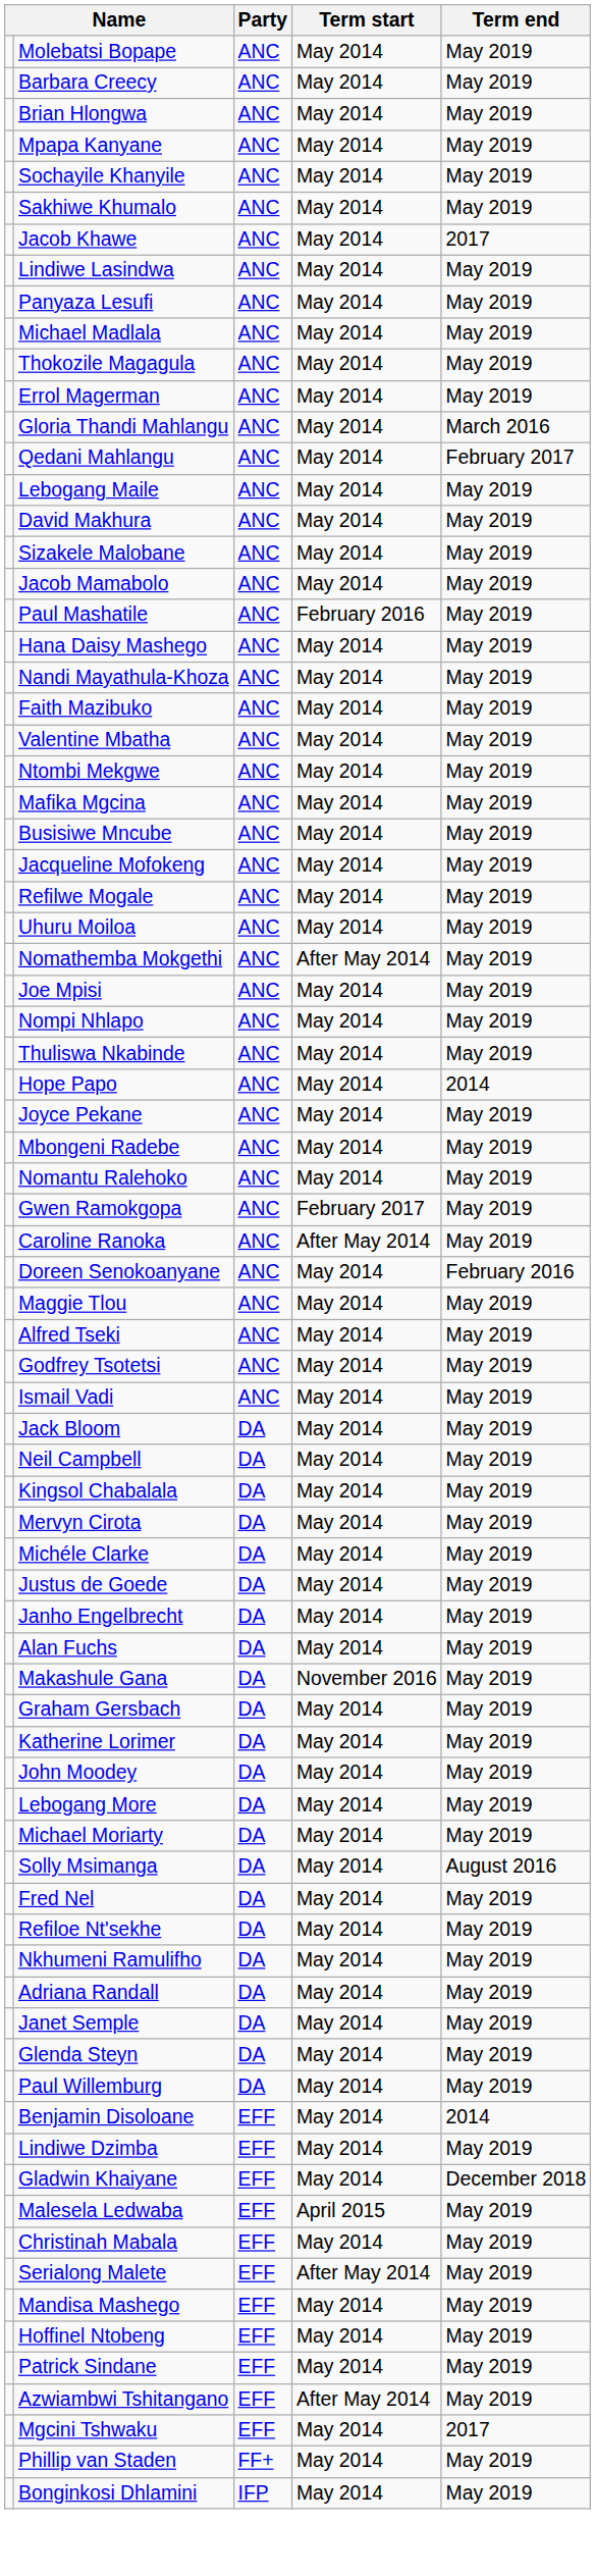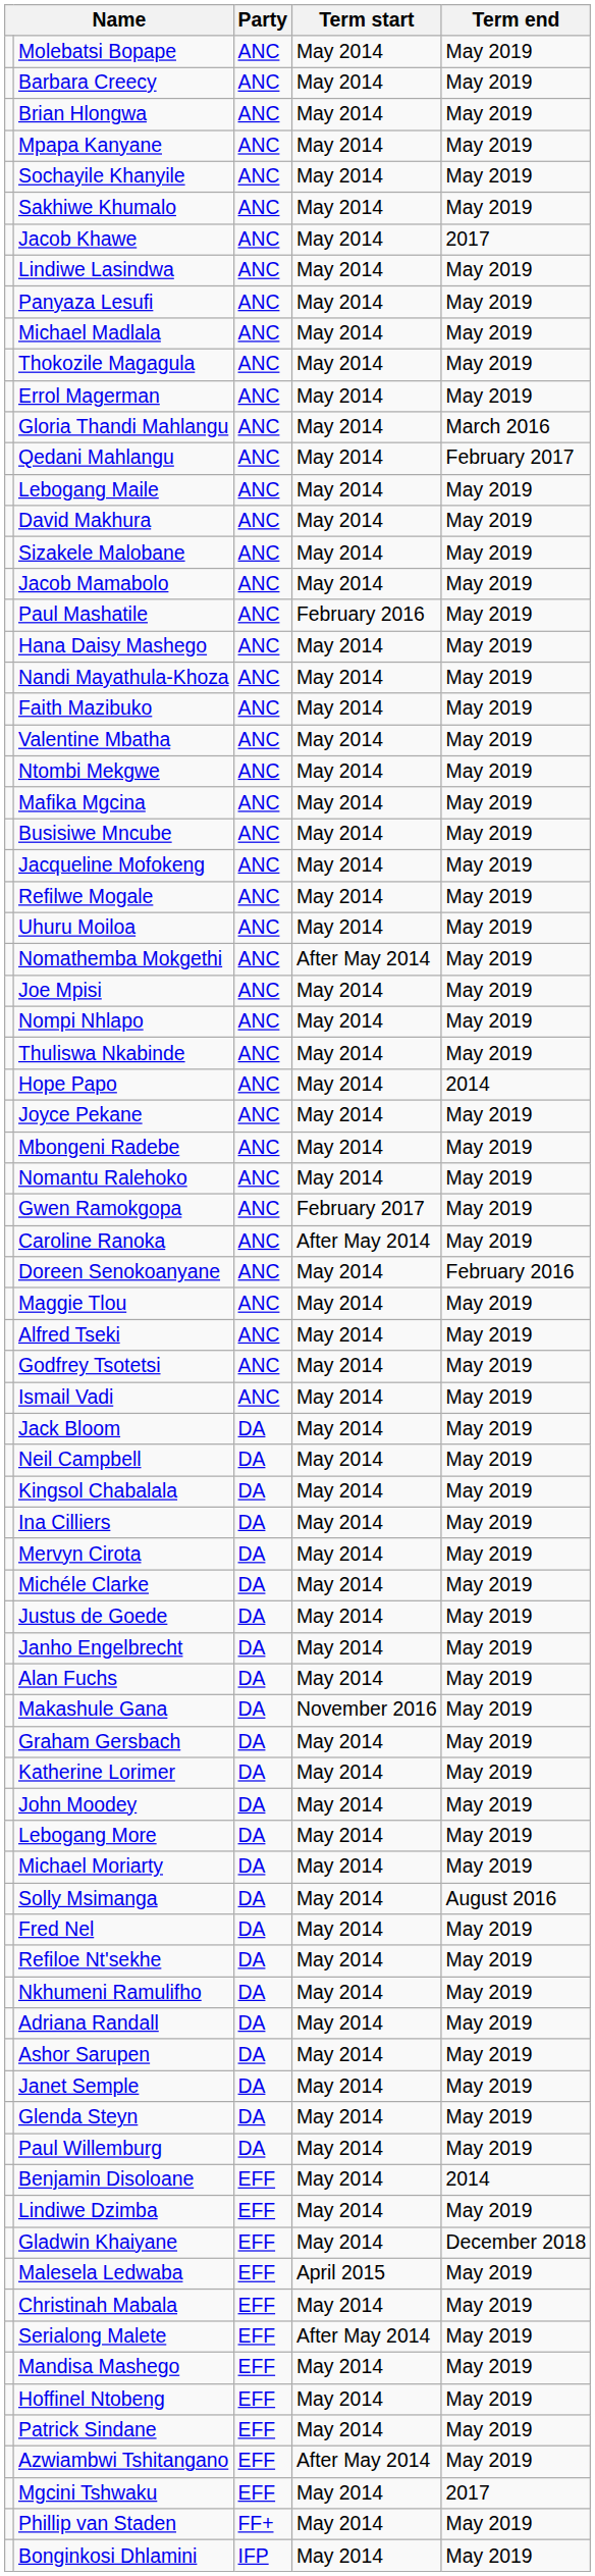 <table class="wikitable sortable">
 <tr>
 <th colspan="2">Name</th>
 <th>Party</th>
 <th>Term start</th>
 <th>Term end</th>
 </tr>
 <tr>
 <td style="background-color: "></td>
 <td><a href='#'>Molebatsi Bopape</a></td>
 <td><a href='#'>ANC</a></td>
 <td>May 2014</td>
 <td>May 2019</td>
 </tr>
 <tr>
 <td style="background-color: "></td>
 <td><a href='#'>Barbara Creecy</a></td>
 <td><a href='#'>ANC</a></td>
 <td>May 2014</td>
 <td>May 2019</td>
 </tr>
 <tr>
 <td style="background-color: "></td>
 <td><a href='#'>Brian Hlongwa</a></td>
 <td><a href='#'>ANC</a></td>
 <td>May 2014</td>
 <td>May 2019</td>
 </tr>
 <tr>
 <td style="background-color: "></td>
 <td><a href='#'>Mpapa Kanyane</a></td>
 <td><a href='#'>ANC</a></td>
 <td>May 2014</td>
 <td>May 2019</td>
 </tr>
 <tr>
 <td style="background-color: "></td>
 <td><a href='#'>Sochayile Khanyile</a></td>
 <td><a href='#'>ANC</a></td>
 <td>May 2014</td>
 <td>May 2019</td>
 </tr>
 <tr>
 <td style="background-color: "></td>
 <td><a href='#'>Sakhiwe Khumalo</a></td>
 <td><a href='#'>ANC</a></td>
 <td>May 2014</td>
 <td>May 2019</td>
 </tr>
 <tr>
 <td style="background-color: "></td>
 <td><a href='#'>Jacob Khawe</a></td>
 <td><a href='#'>ANC</a></td>
 <td>May 2014</td>
 <td>2017</td>
 </tr>
 <tr>
 <td style="background-color: "></td>
 <td><a href='#'>Lindiwe Lasindwa</a></td>
 <td><a href='#'>ANC</a></td>
 <td>May 2014</td>
 <td>May 2019</td>
 </tr>
 <tr>
 <td style="background-color: "></td>
 <td><a href='#'>Panyaza Lesufi</a></td>
 <td><a href='#'>ANC</a></td>
 <td>May 2014</td>
 <td>May 2019</td>
 </tr>
 <tr>
 <td style="background-color: "></td>
 <td><a href='#'>Michael Madlala</a></td>
 <td><a href='#'>ANC</a></td>
 <td>May 2014</td>
 <td>May 2019</td>
 </tr>
 <tr>
 <td style="background-color: "></td>
 <td><a href='#'>Thokozile Magagula</a></td>
 <td><a href='#'>ANC</a></td>
 <td>May 2014</td>
 <td>May 2019</td>
 </tr>
 <tr>
 <td style="background-color: "></td>
 <td><a href='#'>Errol Magerman</a></td>
 <td><a href='#'>ANC</a></td>
 <td>May 2014</td>
 <td>May 2019</td>
 </tr>
 <tr>
 <td style="background-color: "></td>
 <td><a href='#'>Gloria Thandi Mahlangu</a></td>
 <td><a href='#'>ANC</a></td>
 <td>May 2014</td>
 <td>March 2016</td>
 </tr>
 <tr>
 <td style="background-color: "></td>
 <td><a href='#'>Qedani Mahlangu</a></td>
 <td><a href='#'>ANC</a></td>
 <td>May 2014</td>
 <td>February 2017</td>
 </tr>
 <tr>
 <td style="background-color: "></td>
 <td><a href='#'>Lebogang Maile</a></td>
 <td><a href='#'>ANC</a></td>
 <td>May 2014</td>
 <td>May 2019</td>
 </tr>
 <tr>
 <td style="background-color: "></td>
 <td><a href='#'>David Makhura</a></td>
 <td><a href='#'>ANC</a></td>
 <td>May 2014</td>
 <td>May 2019</td>
 </tr>
 <tr>
 <td style="background-color: "></td>
 <td><a href='#'>Sizakele Malobane</a></td>
 <td><a href='#'>ANC</a></td>
 <td>May 2014</td>
 <td>May 2019</td>
 </tr>
 <tr>
 <td style="background-color: "></td>
 <td><a href='#'>Jacob Mamabolo</a></td>
 <td><a href='#'>ANC</a></td>
 <td>May 2014</td>
 <td>May 2019</td>
 </tr>
 <tr>
 <td style="background-color: "></td>
 <td><a href='#'>Paul Mashatile</a></td>
 <td><a href='#'>ANC</a></td>
 <td>February 2016</td>
 <td>May 2019</td>
 </tr>
 <tr>
 <td style="background-color: "></td>
 <td><a href='#'>Hana Daisy Mashego</a></td>
 <td><a href='#'>ANC</a></td>
 <td>May 2014</td>
 <td>May 2019</td>
 </tr>
 <tr>
 <td style="background-color: "></td>
 <td><a href='#'>Nandi Mayathula-Khoza</a></td>
 <td><a href='#'>ANC</a></td>
 <td>May 2014</td>
 <td>May 2019</td>
 </tr>
 <tr>
 <td style="background-color: "></td>
 <td><a href='#'>Faith Mazibuko</a></td>
 <td><a href='#'>ANC</a></td>
 <td>May 2014</td>
 <td>May 2019</td>
 </tr>
 <tr>
 <td style="background-color: "></td>
 <td><a href='#'>Valentine Mbatha</a></td>
 <td><a href='#'>ANC</a></td>
 <td>May 2014</td>
 <td>May 2019</td>
 </tr>
 <tr>
 <td style="background-color: "></td>
 <td><a href='#'>Ntombi Mekgwe</a></td>
 <td><a href='#'>ANC</a></td>
 <td>May 2014</td>
 <td>May 2019</td>
 </tr>
 <tr>
 <td style="background-color: "></td>
 <td><a href='#'>Mafika Mgcina</a></td>
 <td><a href='#'>ANC</a></td>
 <td>May 2014</td>
 <td>May 2019</td>
 </tr>
 <tr>
 <td style="background-color: "></td>
 <td><a href='#'>Busisiwe Mncube</a></td>
 <td><a href='#'>ANC</a></td>
 <td>May 2014</td>
 <td>May 2019</td>
 </tr>
 <tr>
 <td style="background-color: "></td>
 <td><a href='#'>Jacqueline Mofokeng</a></td>
 <td><a href='#'>ANC</a></td>
 <td>May 2014</td>
 <td>May 2019</td>
 </tr>
 <tr>
 <td style="background-color: "></td>
 <td><a href='#'>Refilwe Mogale</a></td>
 <td><a href='#'>ANC</a></td>
 <td>May 2014</td>
 <td>May 2019</td>
 </tr>
 <tr>
 <td style="background-color: "></td>
 <td><a href='#'>Uhuru Moiloa</a></td>
 <td><a href='#'>ANC</a></td>
 <td>May 2014</td>
 <td>May 2019</td>
 </tr>
 <tr>
 <td style="background-color: "></td>
 <td><a href='#'>Nomathemba Mokgethi</a></td>
 <td><a href='#'>ANC</a></td>
 <td>After May 2014</td>
 <td>May 2019</td>
 </tr>
 <tr>
 <td style="background-color: "></td>
 <td><a href='#'>Joe Mpisi</a></td>
 <td><a href='#'>ANC</a></td>
 <td>May 2014</td>
 <td>May 2019</td>
 </tr>
 <tr>
 <td style="background-color: "></td>
 <td><a href='#'>Nompi Nhlapo</a></td>
 <td><a href='#'>ANC</a></td>
 <td>May 2014</td>
 <td>May 2019</td>
 </tr>
 <tr>
 <td style="background-color: "></td>
 <td><a href='#'>Thuliswa Nkabinde</a></td>
 <td><a href='#'>ANC</a></td>
 <td>May 2014</td>
 <td>May 2019</td>
 </tr>
 <tr>
 <td style="background-color: "></td>
 <td><a href='#'>Hope Papo</a></td>
 <td><a href='#'>ANC</a></td>
 <td>May 2014</td>
 <td>2014</td>
 </tr>
 <tr>
 <td style="background-color: "></td>
 <td><a href='#'>Joyce Pekane</a></td>
 <td><a href='#'>ANC</a></td>
 <td>May 2014</td>
 <td>May 2019</td>
 </tr>
 <tr>
 <td style="background-color: "></td>
 <td><a href='#'>Mbongeni Radebe</a></td>
 <td><a href='#'>ANC</a></td>
 <td>May 2014</td>
 <td>May 2019</td>
 </tr>
 <tr>
 <td style="background-color: "></td>
 <td><a href='#'>Nomantu Ralehoko</a></td>
 <td><a href='#'>ANC</a></td>
 <td>May 2014</td>
 <td>May 2019</td>
 </tr>
 <tr>
 <td style="background-color: "></td>
 <td><a href='#'>Gwen Ramokgopa</a></td>
 <td><a href='#'>ANC</a></td>
 <td>February 2017</td>
 <td>May 2019</td>
 </tr>
 <tr>
 <td style="background-color: "></td>
 <td><a href='#'>Caroline Ranoka</a></td>
 <td><a href='#'>ANC</a></td>
 <td>After May 2014</td>
 <td>May 2019</td>
 </tr>
 <tr>
 <td style="background-color: "></td>
 <td><a href='#'>Doreen Senokoanyane</a></td>
 <td><a href='#'>ANC</a></td>
 <td>May 2014</td>
 <td>February 2016</td>
 </tr>
 <tr>
 <td style="background-color: "></td>
 <td><a href='#'>Maggie Tlou</a></td>
 <td><a href='#'>ANC</a></td>
 <td>May 2014</td>
 <td>May 2019</td>
 </tr>
 <tr>
 <td style="background-color: "></td>
 <td><a href='#'>Alfred Tseki</a></td>
 <td><a href='#'>ANC</a></td>
 <td>May 2014</td>
 <td>May 2019</td>
 </tr>
 <tr>
 <td style="background-color: "></td>
 <td><a href='#'>Godfrey Tsotetsi</a></td>
 <td><a href='#'>ANC</a></td>
 <td>May 2014</td>
 <td>May 2019</td>
 </tr>
 <tr>
 <td style="background-color: "></td>
 <td><a href='#'>Ismail Vadi</a></td>
 <td><a href='#'>ANC</a></td>
 <td>May 2014</td>
 <td>May 2019</td>
 </tr>
 <tr>
 <td style="background-color: "></td>
 <td><a href='#'>Jack Bloom</a></td>
 <td><a href='#'>DA</a></td>
 <td>May 2014</td>
 <td>May 2019</td>
 </tr>
 <tr>
 <td style="background-color: "></td>
 <td><a href='#'>Neil Campbell</a></td>
 <td><a href='#'>DA</a></td>
 <td>May 2014</td>
 <td>May 2019</td>
 </tr>
 <tr>
 <td style="background-color: "></td>
 <td><a href='#'>Kingsol Chabalala</a></td>
 <td><a href='#'>DA</a></td>
 <td>May 2014</td>
 <td>May 2019</td>
 </tr>
 <tr>
 <td style="background-color: "></td>
+<td><a href='#'>Ina Cilliers</a></td>
+<td><a href='#'>DA</a></td>
+<td>May 2014</td>
+<td>May 2019</td>
+</tr>
+<tr>
+<td style="background-color: "></td>
 <td><a href='#'>Mervyn Cirota</a></td>
 <td><a href='#'>DA</a></td>
 <td>May 2014</td>
 <td>May 2019</td>
 </tr>
 <tr>
 <td style="background-color: "></td>
 <td><a href='#'>Michéle Clarke</a></td>
 <td><a href='#'>DA</a></td>
 <td>May 2014</td>
 <td>May 2019</td>
 </tr>
 <tr>
 <td style="background-color: "></td>
 <td><a href='#'>Justus de Goede</a></td>
 <td><a href='#'>DA</a></td>
 <td>May 2014</td>
 <td>May 2019</td>
 </tr>
 <tr>
 <td style="background-color: "></td>
 <td><a href='#'>Janho Engelbrecht</a></td>
 <td><a href='#'>DA</a></td>
 <td>May 2014</td>
 <td>May 2019</td>
 </tr>
 <tr>
 <td style="background-color: "></td>
 <td><a href='#'>Alan Fuchs</a></td>
 <td><a href='#'>DA</a></td>
 <td>May 2014</td>
 <td>May 2019</td>
 </tr>
 <tr>
 <td style="background-color: "></td>
 <td><a href='#'>Makashule Gana</a></td>
 <td><a href='#'>DA</a></td>
 <td>November 2016</td>
 <td>May 2019</td>
 </tr>
 <tr>
 <td style="background-color: "></td>
 <td><a href='#'>Graham Gersbach</a></td>
 <td><a href='#'>DA</a></td>
 <td>May 2014</td>
 <td>May 2019</td>
 </tr>
 <tr>
 <td style="background-color: "></td>
 <td><a href='#'>Katherine Lorimer</a></td>
 <td><a href='#'>DA</a></td>
 <td>May 2014</td>
 <td>May 2019</td>
 </tr>
 <tr>
 <td style="background-color: "></td>
 <td><a href='#'>John Moodey</a></td>
 <td><a href='#'>DA</a></td>
 <td>May 2014</td>
 <td>May 2019</td>
 </tr>
 <tr>
 <td style="background-color: "></td>
 <td><a href='#'>Lebogang More</a></td>
 <td><a href='#'>DA</a></td>
 <td>May 2014</td>
 <td>May 2019</td>
 </tr>
 <tr>
 <td style="background-color: "></td>
 <td><a href='#'>Michael Moriarty</a></td>
 <td><a href='#'>DA</a></td>
 <td>May 2014</td>
 <td>May 2019</td>
 </tr>
 <tr>
 <td style="background-color: "></td>
 <td><a href='#'>Solly Msimanga</a></td>
 <td><a href='#'>DA</a></td>
 <td>May 2014</td>
 <td>August 2016</td>
 </tr>
 <tr>
 <td style="background-color: "></td>
 <td><a href='#'>Fred Nel</a></td>
 <td><a href='#'>DA</a></td>
 <td>May 2014</td>
 <td>May 2019</td>
 </tr>
 <tr>
 <td style="background-color: "></td>
 <td><a href='#'>Refiloe Nt'sekhe</a></td>
 <td><a href='#'>DA</a></td>
 <td>May 2014</td>
 <td>May 2019</td>
 </tr>
 <tr>
 <td style="background-color: "></td>
 <td><a href='#'>Nkhumeni Ramulifho</a></td>
 <td><a href='#'>DA</a></td>
 <td>May 2014</td>
 <td>May 2019</td>
 </tr>
 <tr>
 <td style="background-color: "></td>
 <td><a href='#'>Adriana Randall</a></td>
+<td><a href='#'>DA</a></td>
+<td>May 2014</td>
+<td>May 2019</td>
+</tr>
+<tr>
+<td style="background-color: "></td>
+<td><a href='#'>Ashor Sarupen</a></td>
 <td><a href='#'>DA</a></td>
 <td>May 2014</td>
 <td>May 2019</td>
 </tr>
 <tr>
 <td style="background-color: "></td>
 <td><a href='#'>Janet Semple</a></td>
 <td><a href='#'>DA</a></td>
 <td>May 2014</td>
 <td>May 2019</td>
 </tr>
 <tr>
 <td style="background-color: "></td>
 <td><a href='#'>Glenda Steyn</a></td>
 <td><a href='#'>DA</a></td>
 <td>May 2014</td>
 <td>May 2019</td>
 </tr>
 <tr>
 <td style="background-color: "></td>
 <td><a href='#'>Paul Willemburg</a></td>
 <td><a href='#'>DA</a></td>
 <td>May 2014</td>
 <td>May 2019</td>
 </tr>
 <tr>
 <td style="background-color: "></td>
 <td><a href='#'>Benjamin Disoloane</a></td>
 <td><a href='#'>EFF</a></td>
 <td>May 2014</td>
 <td>2014</td>
 </tr>
 <tr>
 <td style="background-color: "></td>
 <td><a href='#'>Lindiwe Dzimba</a></td>
 <td><a href='#'>EFF</a></td>
 <td>May 2014</td>
 <td>May 2019</td>
 </tr>
 <tr>
 <td style="background-color: "></td>
 <td><a href='#'>Gladwin Khaiyane</a></td>
 <td><a href='#'>EFF</a></td>
 <td>May 2014</td>
 <td>December 2018</td>
 </tr>
 <tr>
 <td style="background-color: "></td>
 <td><a href='#'>Malesela Ledwaba</a></td>
 <td><a href='#'>EFF</a></td>
 <td>April 2015</td>
 <td>May 2019</td>
 </tr>
 <tr>
 <td style="background-color: "></td>
 <td><a href='#'>Christinah Mabala</a></td>
 <td><a href='#'>EFF</a></td>
 <td>May 2014</td>
 <td>May 2019</td>
 </tr>
 <tr>
 <td style="background-color: "></td>
 <td><a href='#'>Serialong Malete</a></td>
 <td><a href='#'>EFF</a></td>
 <td>After May 2014</td>
 <td>May 2019</td>
 </tr>
 <tr>
 <td style="background-color: "></td>
 <td><a href='#'>Mandisa Mashego</a></td>
 <td><a href='#'>EFF</a></td>
 <td>May 2014</td>
 <td>May 2019</td>
 </tr>
 <tr>
 <td style="background-color: "></td>
 <td><a href='#'>Hoffinel Ntobeng</a></td>
 <td><a href='#'>EFF</a></td>
 <td>May 2014</td>
 <td>May 2019</td>
 </tr>
 <tr>
 <td style="background-color: "></td>
 <td><a href='#'>Patrick Sindane</a></td>
 <td><a href='#'>EFF</a></td>
 <td>May 2014</td>
 <td>May 2019</td>
 </tr>
 <tr>
 <td style="background-color: "></td>
 <td><a href='#'>Azwiambwi Tshitangano</a></td>
 <td><a href='#'>EFF</a></td>
 <td>After May 2014</td>
 <td>May 2019</td>
 </tr>
 <tr>
 <td style="background-color: "></td>
 <td><a href='#'>Mgcini Tshwaku</a></td>
 <td><a href='#'>EFF</a></td>
 <td>May 2014</td>
 <td>2017</td>
 </tr>
 <tr>
 <td style="background-color: "></td>
 <td><a href='#'>Phillip van Staden</a></td>
 <td><a href='#'>FF+</a></td>
 <td>May 2014</td>
 <td>May 2019</td>
 </tr>
 <tr>
 <td style="background-color: "></td>
 <td><a href='#'>Bonginkosi Dhlamini</a></td>
 <td><a href='#'>IFP</a></td>
 <td>May 2014</td>
 <td>May 2019</td>
 </tr>
 </table>
